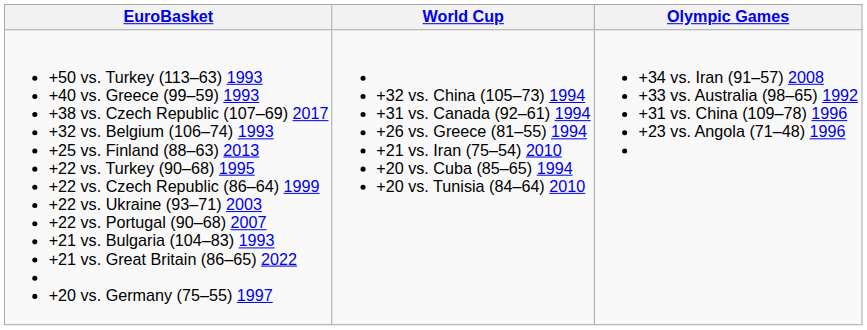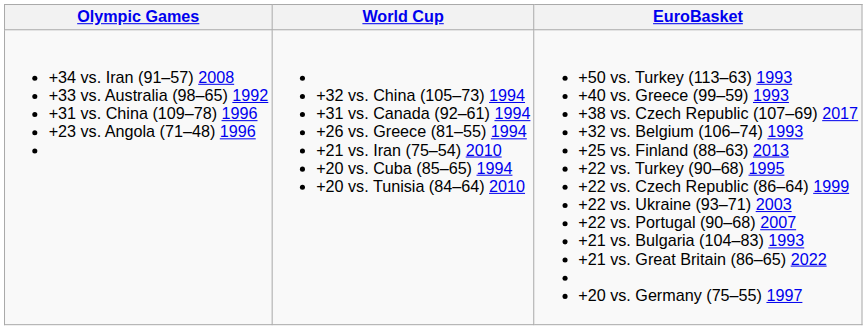 <table class="wikitable">
 <tr>
+<th><a href='#'>Olympic Games</a></th>
+<th><a href='#'>World Cup</a></th>
 <th><a href='#'>EuroBasket</a></th>
-<th><a href='#'>World Cup</a></th>
-<th><a href='#'>Olympic Games</a></th>
 </tr>
 <tr style="vertical-align:top;">
+<td><br><ul><li>+34 vs. Iran (91–57) <a href='#'>2008</a></li><li>+33 vs. Australia (98–65) <a href='#'>1992</a></li><li>+31 vs. China (109–78) <a href='#'>1996</a></li><li>+23 vs. Angola (71–48) <a href='#'>1996</a></li><li></li></ul></td>
+<td><br><ul><li></li><li>+32 vs. China (105–73) <a href='#'>1994</a></li><li>+31 vs. Canada (92–61) <a href='#'>1994</a></li><li>+26 vs. Greece (81–55) <a href='#'>1994</a></li><li>+21 vs. Iran (75–54) <a href='#'>2010</a></li><li>+20 vs. Cuba (85–65) <a href='#'>1994</a></li><li>+20 vs. Tunisia (84–64) <a href='#'>2010</a></li></ul></td>
 <td><br><ul><li>+50 vs. Turkey (113–63) <a href='#'>1993</a></li><li>+40 vs. Greece (99–59) <a href='#'>1993</a></li><li>+38 vs. Czech Republic (107–69) <a href='#'>2017</a></li><li>+32 vs. Belgium (106–74) <a href='#'>1993</a></li><li>+25 vs. Finland (88–63) <a href='#'>2013</a></li><li>+22 vs. Turkey (90–68) <a href='#'>1995</a></li><li>+22 vs. Czech Republic (86–64) <a href='#'>1999</a></li><li>+22 vs. Ukraine (93–71) <a href='#'>2003</a></li><li>+22 vs. Portugal (90–68) <a href='#'>2007</a></li><li>+21 vs. Bulgaria (104–83) <a href='#'>1993</a></li><li>+21 vs. Great Britain (86–65) <a href='#'>2022</a></li><li></li><li>+20 vs. Germany (75–55) <a href='#'>1997</a></li></ul></td>
-<td><br><ul><li></li><li>+32 vs. China (105–73) <a href='#'>1994</a></li><li>+31 vs. Canada (92–61) <a href='#'>1994</a></li><li>+26 vs. Greece (81–55) <a href='#'>1994</a></li><li>+21 vs. Iran (75–54) <a href='#'>2010</a></li><li>+20 vs. Cuba (85–65) <a href='#'>1994</a></li><li>+20 vs. Tunisia (84–64) <a href='#'>2010</a></li></ul></td>
-<td><br><ul><li>+34 vs. Iran (91–57) <a href='#'>2008</a></li><li>+33 vs. Australia (98–65) <a href='#'>1992</a></li><li>+31 vs. China (109–78) <a href='#'>1996</a></li><li>+23 vs. Angola (71–48) <a href='#'>1996</a></li><li></li></ul></td>
 </tr>
 </table>
